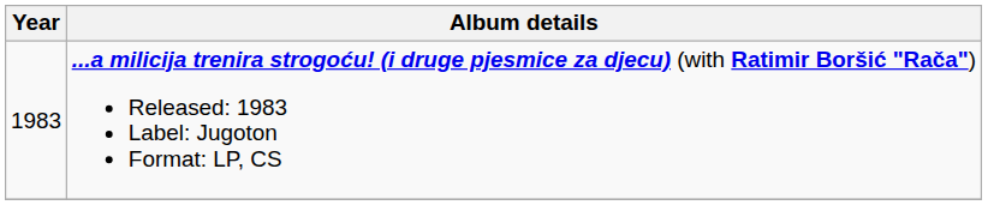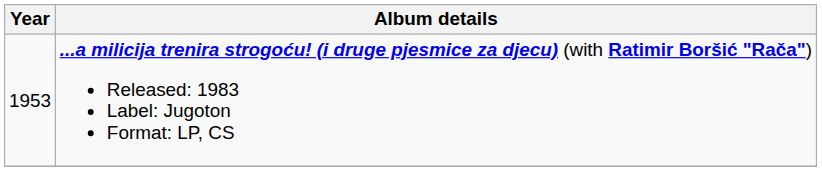 <table class ="wikitable">
 <tr>
 <th>Year</th>
 <th>Album details</th>
 </tr>
 <tr>
-<td align="center" rowspan="1">1983</td>
+<td align="center" rowspan="1">1953</td>
 <td><strong><em><a href='#'>...a milicija trenira strogoću! (i druge pjesmice za djecu)</a></em></strong> (with <strong><a href='#'>Ratimir Boršić "Rača"</a></strong>)<br><ul><li>Released: 1983</li><li>Label: Jugoton</li><li>Format: LP, CS</li></ul></td>
 </tr>
 <tr>
 </tr>
 </table>
